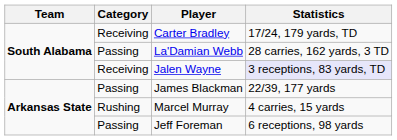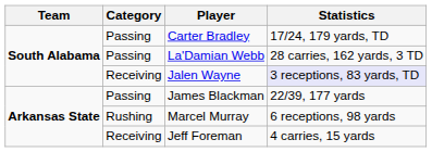 <table class="wikitable" style="float: right;">
 <tr>
 <th>Team</th>
 <th>Category</th>
 <th>Player</th>
 <th>Statistics</th>
 </tr>
 <tr>
 <td rowspan=3><strong>South Alabama</strong></td>
-<td>Receiving</td>
+<td>Passing</td>
 <td><a href='#'>Carter Bradley</a></td>
 <td>17/24, 179 yards, TD</td>
 </tr>
 <tr>
 <td>Passing</td>
 <td><a href='#'>La'Damian Webb</a></td>
 <td>28 carries, 162 yards, 3 TD</td>
 </tr>
 <tr>
 <td>Receiving</td>
 <td><a href='#'>Jalen Wayne</a></td>
 <td style="background: lavender;">3 receptions, 83 yards, TD</td>
 </tr>
 <tr>
 <td rowspan=3><strong>Arkansas State</strong></td>
 <td>Passing</td>
 <td>James Blackman</td>
 <td>22/39, 177 yards</td>
 </tr>
 <tr>
 <td>Rushing</td>
 <td>Marcel Murray</td>
+<td>6 receptions, 98 yards</td>
+</tr>
+<tr>
+<td>Receiving</td>
+<td>Jeff Foreman</td>
 <td>4 carries, 15 yards</td>
 </tr>
-<tr>
-<td>Passing</td>
-<td>Jeff Foreman</td>
-<td>6 receptions, 98 yards</td>
-</tr>
 </table>
